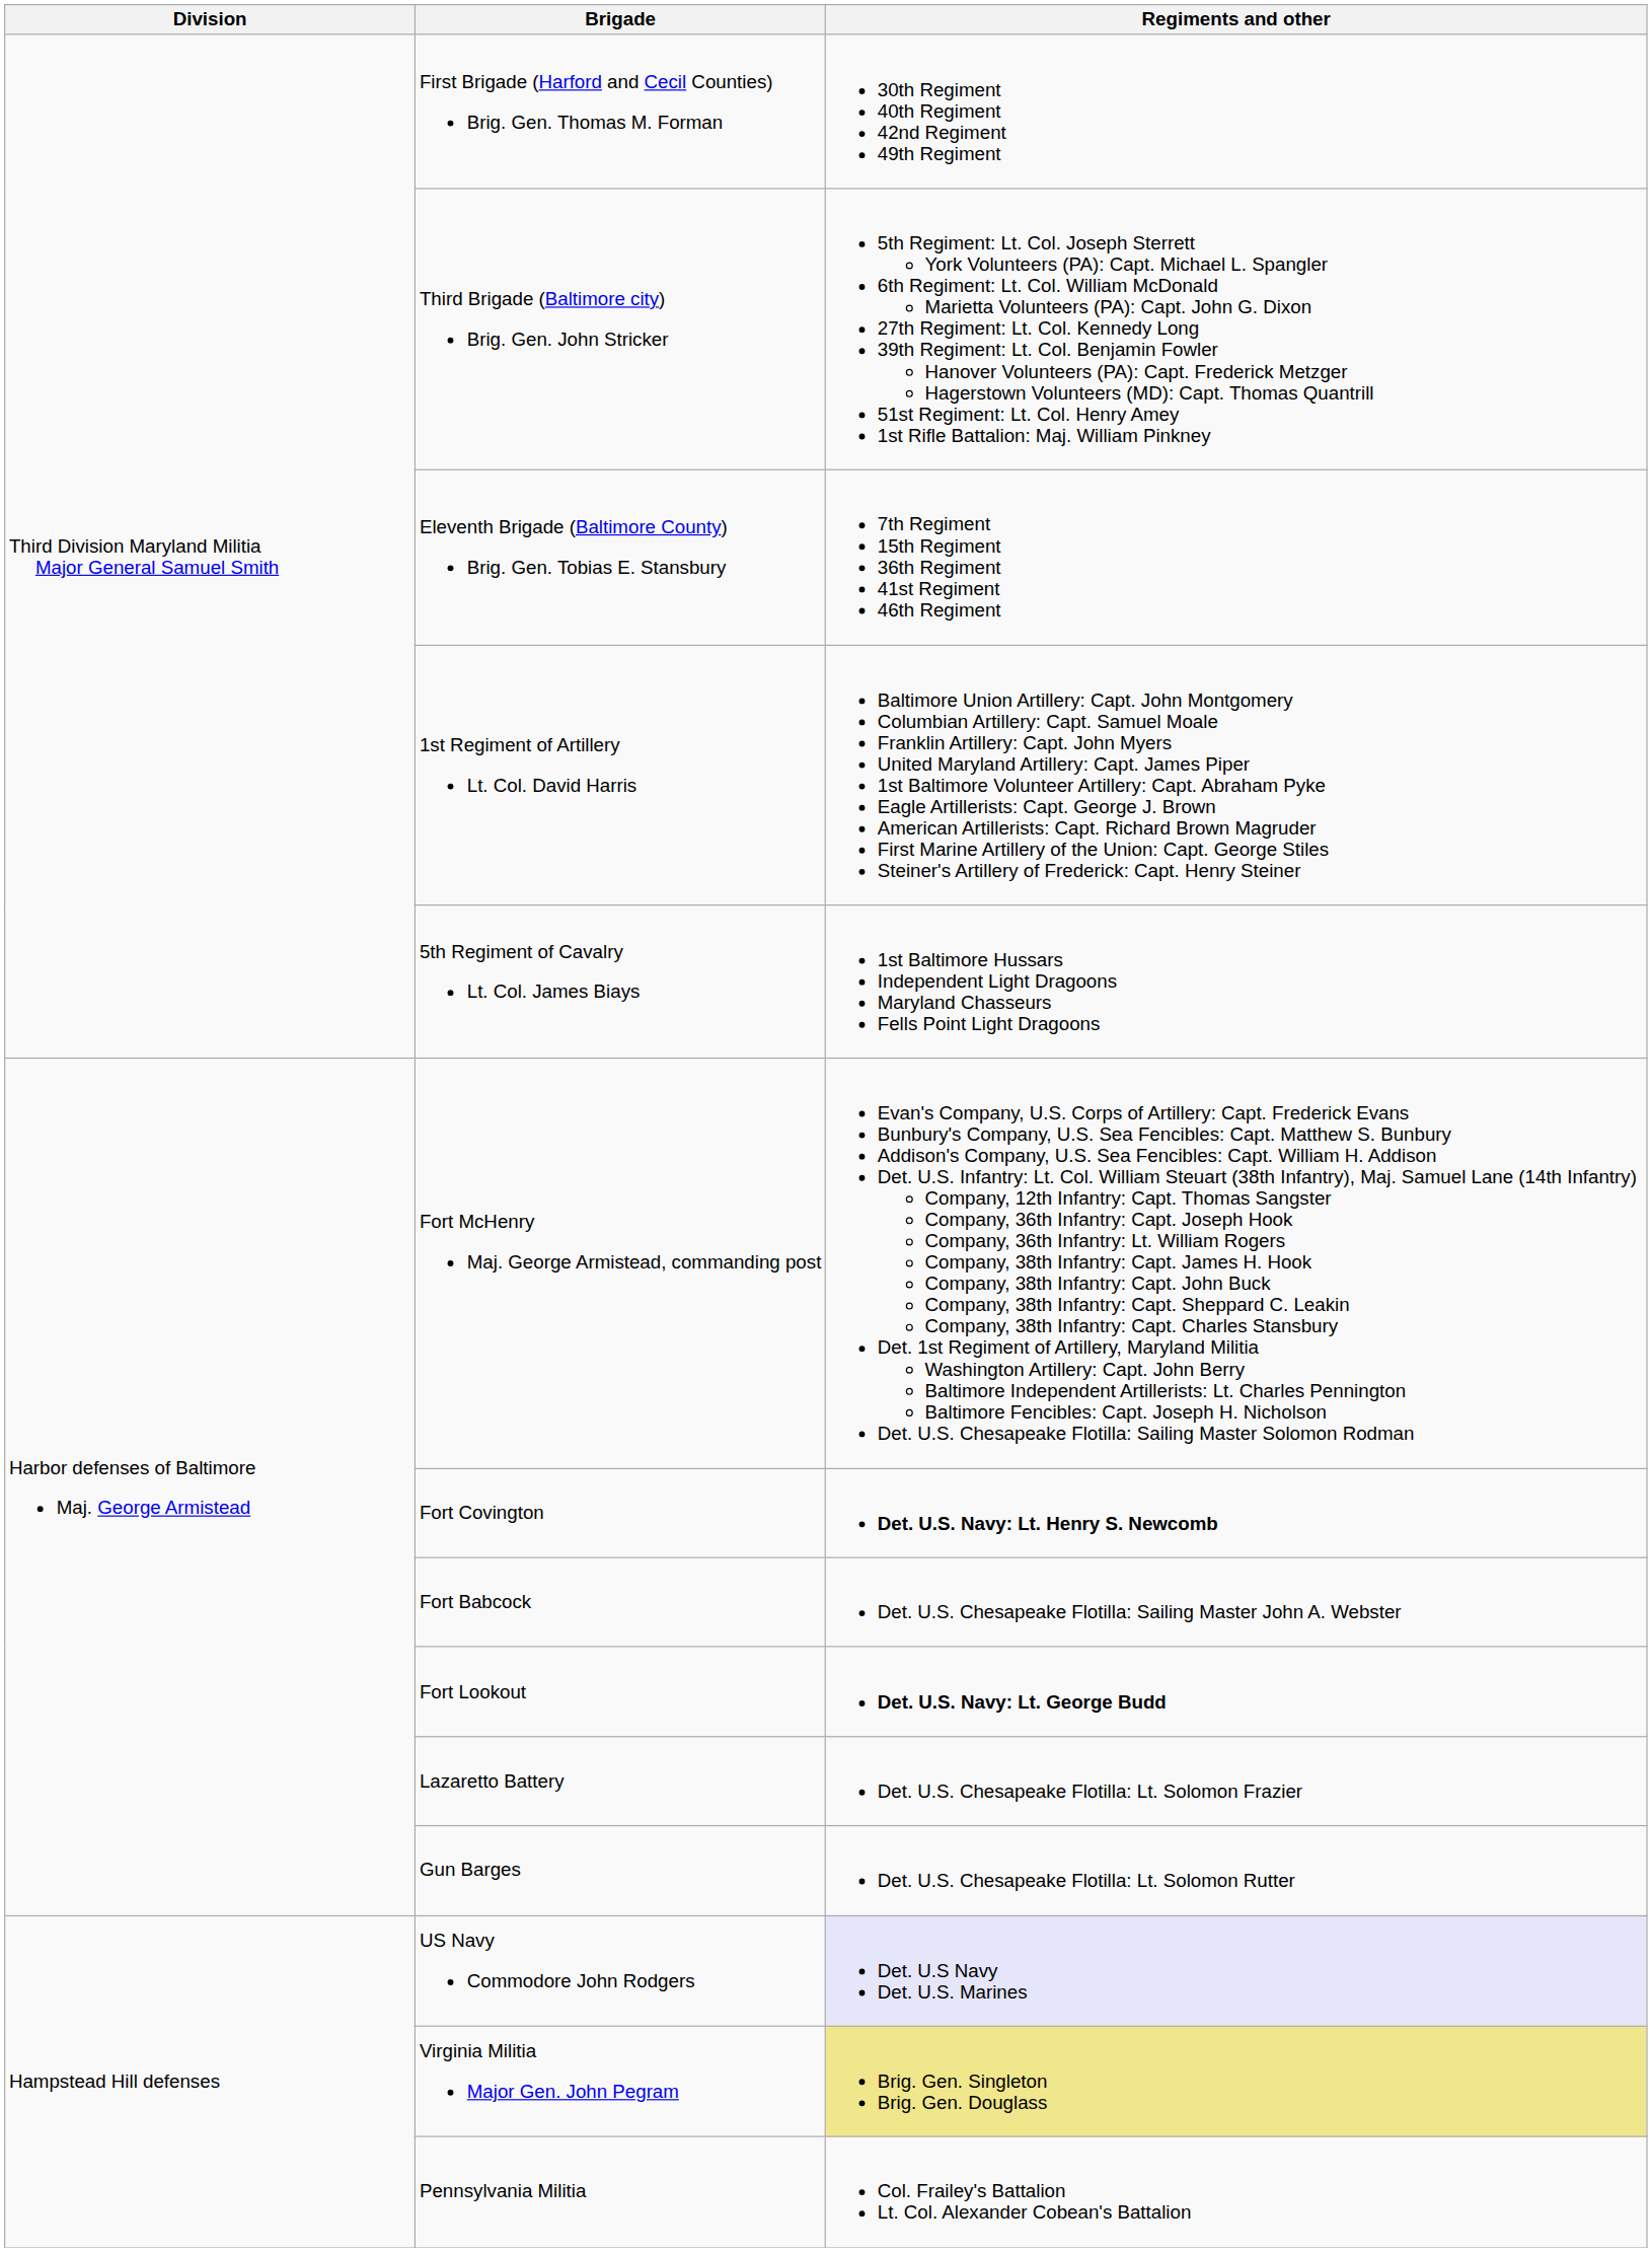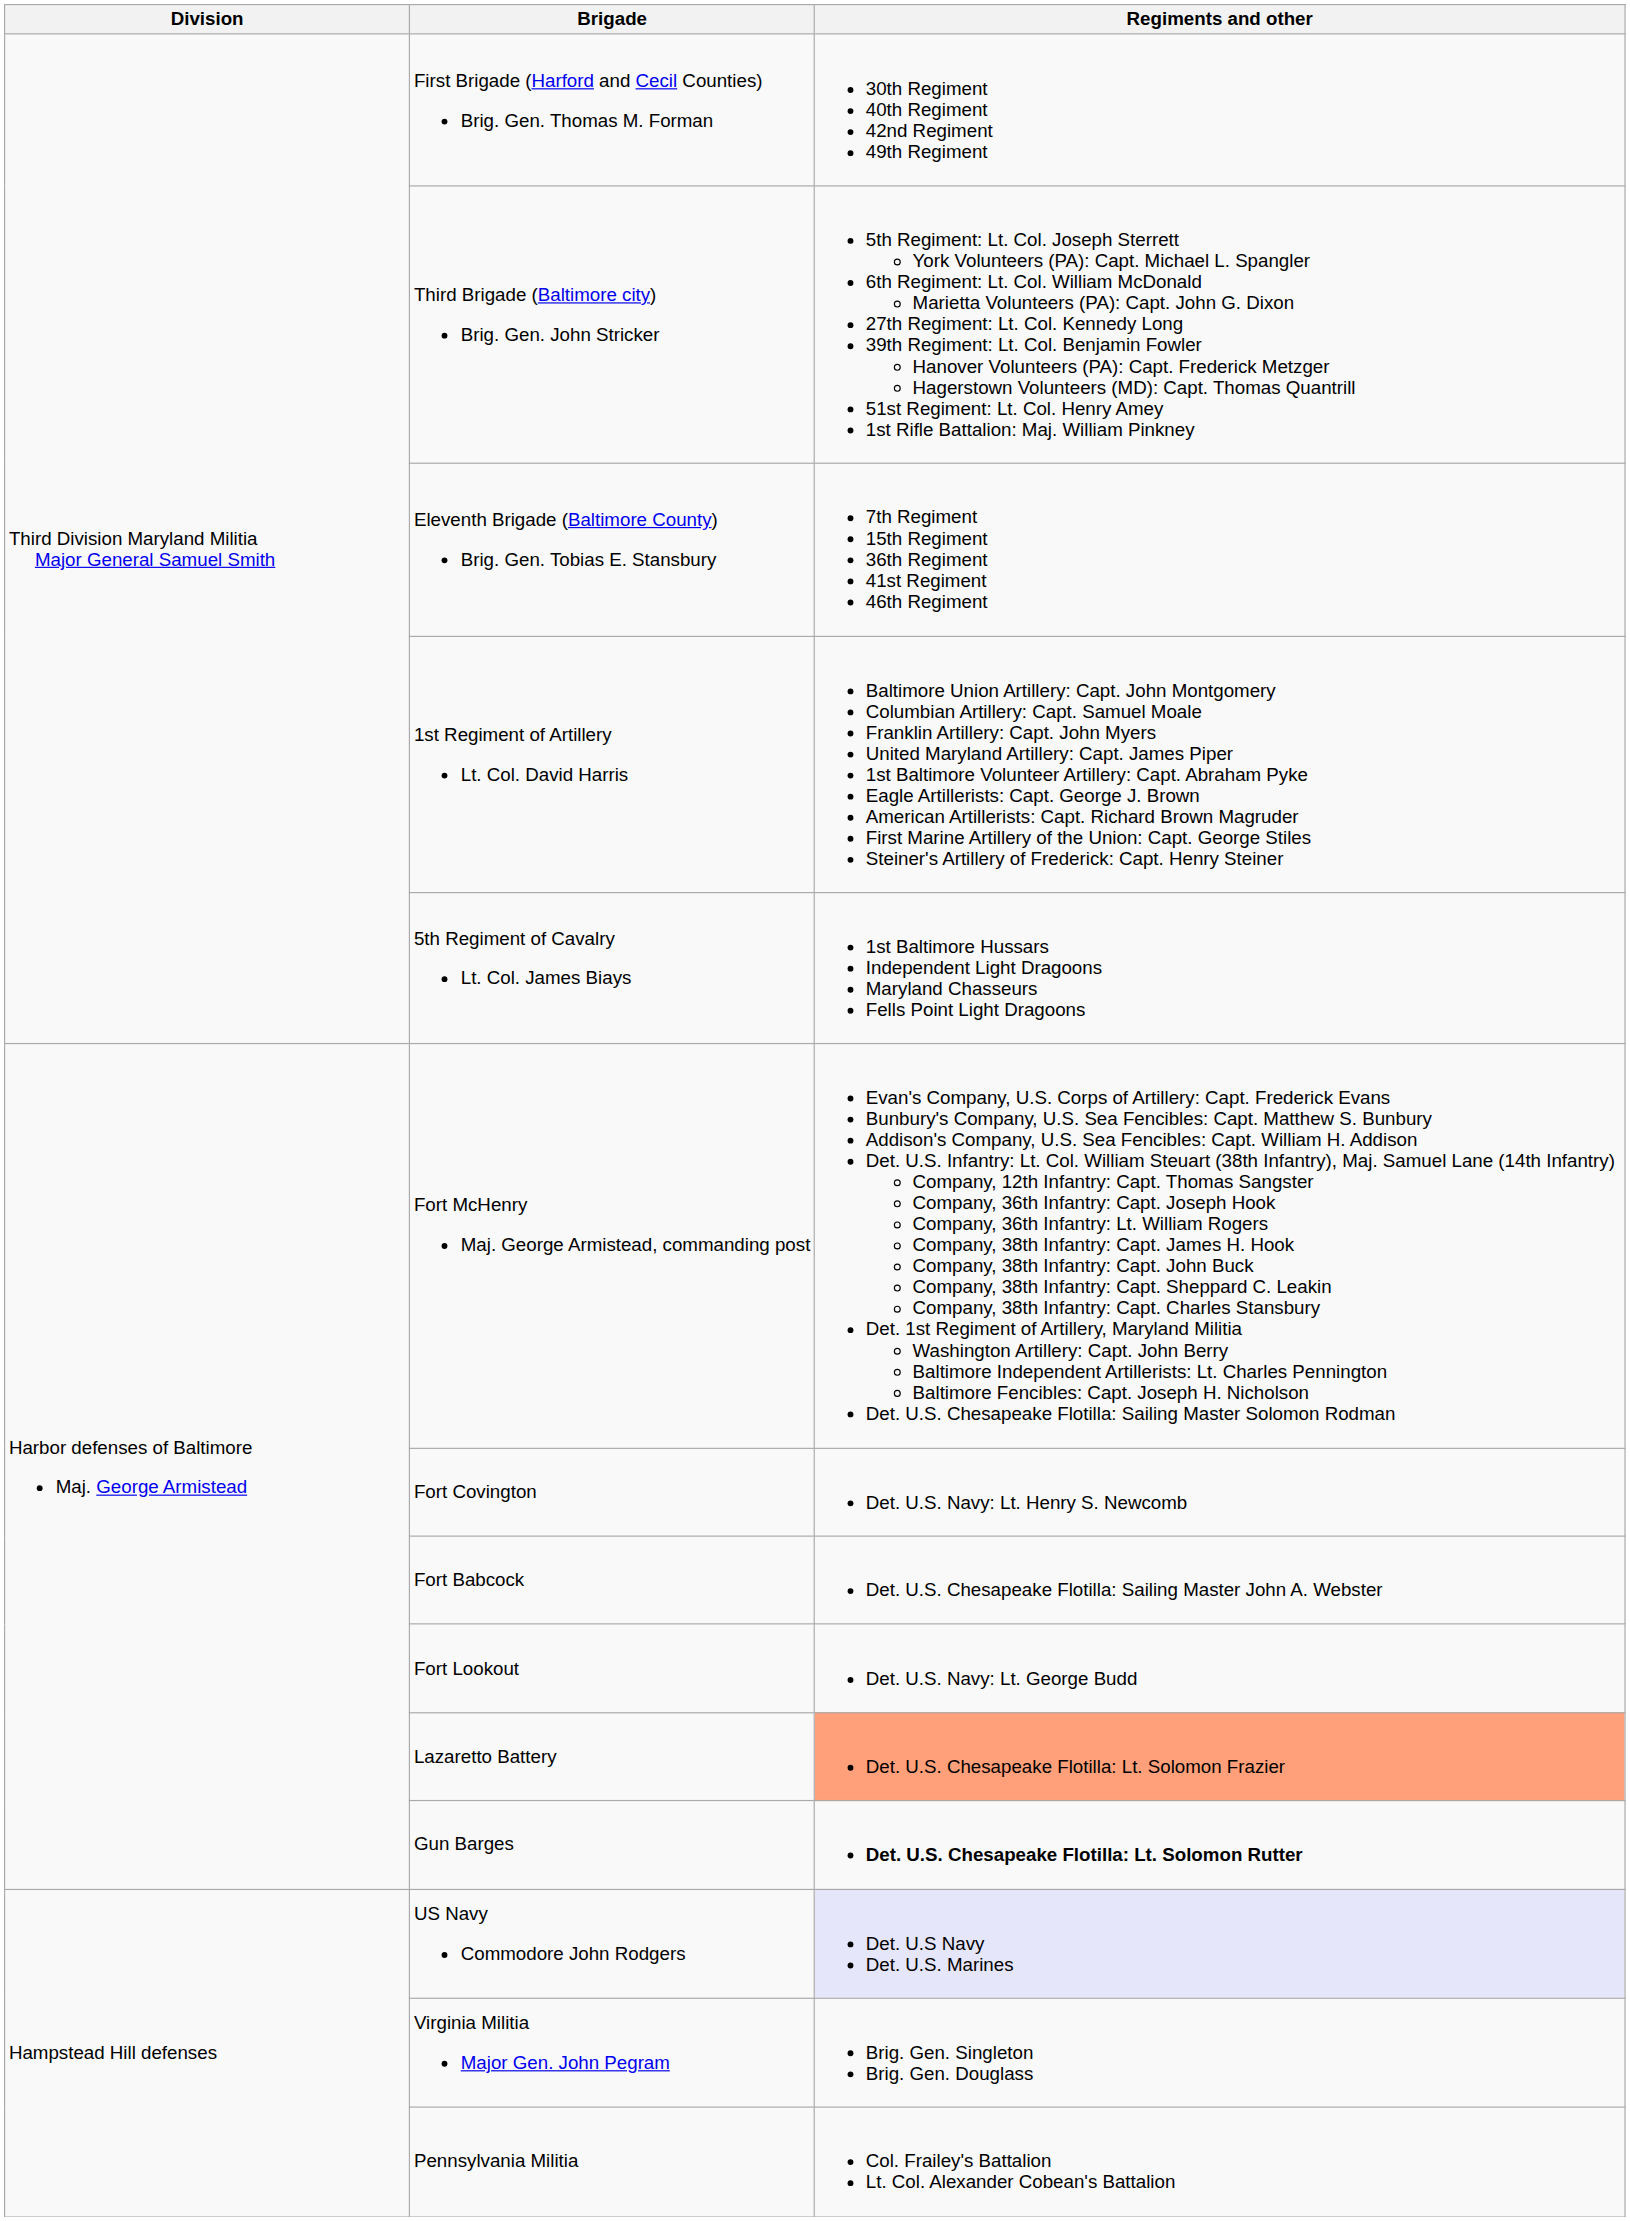 <table class="wikitable">
 <tr>
 <th width="25%">Division</th>
 <th width="25%">Brigade</th>
 <th>Regiments and other</th>
 </tr>
 <tr>
 <td rowspan="5"><br>Third Division Maryland Militia <br>      <a href='#'>Major General Samuel Smith</a></td>
 <td>First Brigade (<a href='#'>Harford</a> and <a href='#'>Cecil</a> Counties)<br><ul><li>Brig. Gen. Thomas M. Forman</li></ul></td>
 <td><br><ul><li>30th Regiment</li><li>40th Regiment</li><li>42nd Regiment</li><li>49th Regiment</li></ul></td>
 </tr>
 <tr>
 <td>Third Brigade (<a href='#'>Baltimore city</a>)<br><ul><li>Brig. Gen. John Stricker</li></ul></td>
 <td><br><ul><li>5th Regiment: Lt. Col. Joseph Sterrett<ul><li>York Volunteers (PA): Capt. Michael L. Spangler</li></ul></li><li>6th Regiment: Lt. Col. William McDonald<ul><li>Marietta Volunteers (PA): Capt. John G. Dixon</li></ul></li><li>27th Regiment: Lt. Col. Kennedy Long</li><li>39th Regiment: Lt. Col. Benjamin Fowler<ul><li>Hanover Volunteers (PA): Capt. Frederick Metzger</li><li>Hagerstown Volunteers (MD): Capt. Thomas Quantrill</li></ul></li><li>51st Regiment: Lt. Col. Henry Amey</li><li>1st Rifle Battalion: Maj. William Pinkney</li></ul></td>
 </tr>
 <tr>
 <td>Eleventh Brigade (<a href='#'>Baltimore County</a>)<br><ul><li>Brig. Gen. Tobias E. Stansbury</li></ul></td>
 <td><br><ul><li>7th Regiment</li><li>15th Regiment</li><li>36th Regiment</li><li>41st Regiment</li><li>46th Regiment</li></ul></td>
 </tr>
 <tr>
 <td>1st Regiment of Artillery<br><ul><li>Lt. Col. David Harris</li></ul></td>
 <td><br><ul><li>Baltimore Union Artillery: Capt. John Montgomery</li><li>Columbian Artillery: Capt. Samuel Moale</li><li>Franklin Artillery: Capt. John Myers</li><li>United Maryland Artillery: Capt. James Piper</li><li>1st Baltimore Volunteer Artillery: Capt. Abraham Pyke</li><li>Eagle Artillerists: Capt. George J. Brown</li><li>American Artillerists: Capt. Richard Brown Magruder</li><li>First Marine Artillery of the Union: Capt. George Stiles</li><li>Steiner's Artillery of Frederick: Capt. Henry Steiner</li></ul></td>
 </tr>
 <tr>
 <td>5th Regiment of Cavalry<br><ul><li>Lt. Col. James Biays</li></ul></td>
 <td><br><ul><li>1st Baltimore Hussars</li><li>Independent Light Dragoons</li><li>Maryland Chasseurs</li><li>Fells Point Light Dragoons</li></ul></td>
 </tr>
 <tr>
 <td rowspan="6"><br>Harbor defenses of Baltimore<ul><li>Maj. <a href='#'>George Armistead</a></li></ul></td>
 <td>Fort McHenry<br><ul><li>Maj. George Armistead, commanding post</li></ul>  </td>
 <td><br><ul><li>Evan's Company, U.S. Corps of Artillery: Capt. Frederick Evans</li><li>Bunbury's Company, U.S. Sea Fencibles: Capt. Matthew S. Bunbury</li><li>Addison's Company, U.S. Sea Fencibles: Capt. William H. Addison</li><li>Det. U.S. Infantry: Lt. Col. William Steuart (38th Infantry), Maj. Samuel Lane (14th Infantry)<ul><li>Company, 12th Infantry: Capt. Thomas Sangster</li><li>Company, 36th Infantry: Capt. Joseph Hook</li><li>Company, 36th Infantry: Lt. William Rogers</li><li>Company, 38th Infantry: Capt. James H. Hook</li><li>Company, 38th Infantry: Capt. John Buck</li><li>Company, 38th Infantry: Capt. Sheppard C. Leakin</li><li>Company, 38th Infantry: Capt. Charles Stansbury</li></ul></li><li>Det. 1st Regiment of Artillery, Maryland Militia<ul><li>Washington Artillery: Capt. John Berry</li><li>Baltimore Independent Artillerists: Lt. Charles Pennington</li><li>Baltimore Fencibles: Capt. Joseph H. Nicholson</li></ul></li><li>Det. U.S. Chesapeake Flotilla: Sailing Master Solomon Rodman</li></ul></td>
 </tr>
 <tr>
 <td>Fort Covington</td>
-<td><strong><br><ul><li>Det. U.S. Navy: Lt. Henry S. Newcomb</li></ul></strong></td>
+<td><br><ul><li>Det. U.S. Navy: Lt. Henry S. Newcomb</li></ul></td>
 </tr>
 <tr>
 <td>Fort Babcock</td>
 <td><br><ul><li>Det. U.S. Chesapeake Flotilla: Sailing Master John A. Webster</li></ul></td>
 </tr>
 <tr>
 <td>Fort Lookout</td>
-<td><strong><br><ul><li>Det. U.S. Navy: Lt. George Budd</li></ul></strong></td>
+<td><br><ul><li>Det. U.S. Navy: Lt. George Budd</li></ul></td>
 </tr>
 <tr>
 <td>Lazaretto Battery</td>
-<td><br><ul><li>Det. U.S. Chesapeake Flotilla: Lt. Solomon Frazier</li></ul></td>
+<td style="background: lightsalmon;"><br><ul><li>Det. U.S. Chesapeake Flotilla: Lt. Solomon Frazier</li></ul></td>
 </tr>
 <tr>
 <td>Gun Barges</td>
-<td><br><ul><li>Det. U.S. Chesapeake Flotilla: Lt. Solomon Rutter</li></ul></td>
+<td><strong><br><ul><li>Det. U.S. Chesapeake Flotilla: Lt. Solomon Rutter</li></ul></strong></td>
 </tr>
 <tr>
 <td rowspan="3">Hampstead Hill defenses</td>
 <td>US Navy<br><ul><li>Commodore John Rodgers</li></ul></td>
 <td style="background: lavender;"><br><ul><li>Det. U.S Navy</li><li>Det. U.S. Marines</li></ul></td>
 </tr>
 <tr>
 <td>Virginia Militia<br><ul><li><a href='#'>Major Gen. John Pegram</a></li></ul></td>
-<td style="background: khaki;"><br><ul><li>Brig. Gen. Singleton</li><li>Brig. Gen. Douglass</li></ul></td>
+<td><br><ul><li>Brig. Gen. Singleton</li><li>Brig. Gen. Douglass</li></ul></td>
 </tr>
 <tr>
 <td>Pennsylvania Militia</td>
 <td><br><ul><li>Col. Frailey's Battalion</li><li>Lt. Col. Alexander Cobean's Battalion</li></ul></td>
 </tr>
 </table>
